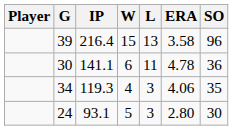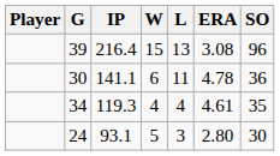 <table class="wikitable sortable" style="text-align:center;">
 <tr>
 <th>Player</th>
 <th>G</th>
 <th>IP</th>
 <th>W</th>
 <th>L</th>
 <th>ERA</th>
 <th>SO</th>
 </tr>
 <tr>
 <td></td>
 <td>39</td>
 <td>216.4</td>
 <td>15</td>
 <td>13</td>
-<td>3.58</td>
+<td>3.08</td>
 <td>96</td>
 </tr>
 <tr>
 <td></td>
 <td>30</td>
 <td>141.1</td>
 <td>6</td>
 <td>11</td>
 <td>4.78</td>
 <td>36</td>
 </tr>
 <tr>
 <td></td>
 <td>34</td>
 <td>119.3</td>
 <td>4</td>
-<td>3</td>
-<td>4.06</td>
+<td>4</td>
+<td>4.61</td>
 <td>35</td>
 </tr>
 <tr>
 <td></td>
 <td>24</td>
 <td>93.1</td>
 <td>5</td>
 <td>3</td>
 <td>2.80</td>
 <td>30</td>
 </tr>
 </table>
